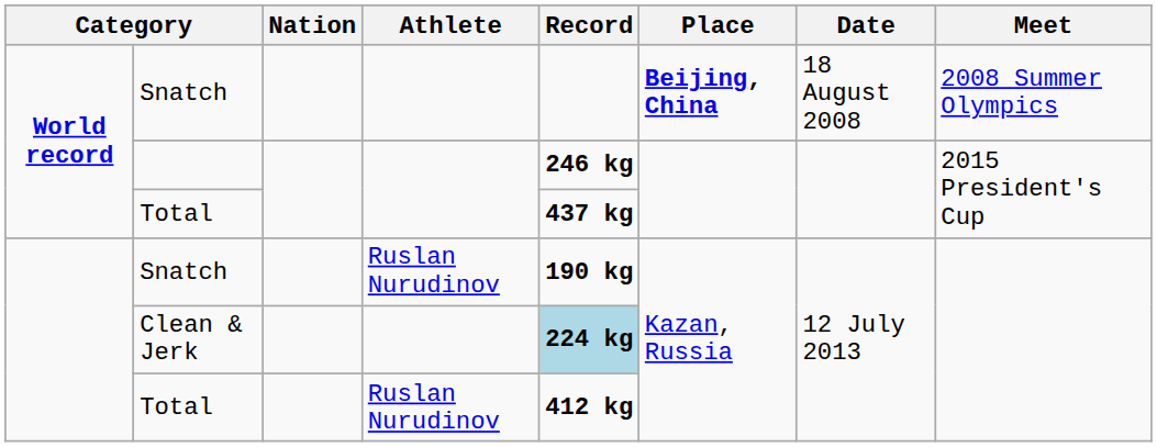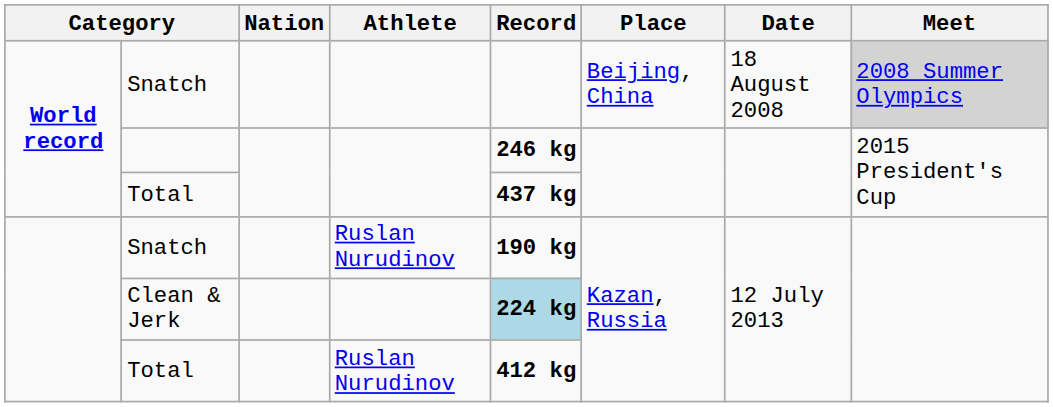 <table class="wikitable" style="text-align:center;">
 <tr>
 <th colspan="2">Category</th>
 <th>Nation</th>
 <th>Athlete</th>
 <th>Record</th>
 <th>Place</th>
 <th>Date</th>
 <th>Meet</th>
 </tr>
 <tr>
 <td rowspan="3"><strong><a href='#'>World record</a></strong></td>
 <td align="left">Snatch</td>
 <td align="left"></td>
 <td align="left"></td>
 <td><strong></strong></td>
-<td align="left"><strong><a href='#'>Beijing</a>, <a href='#'>China</a></strong></td>
+<td align="left"><a href='#'>Beijing</a>, <a href='#'>China</a></td>
 <td align="left">18 August 2008</td>
-<td align="left"><a href='#'>2008 Summer Olympics</a></td>
+<td align="left" style="background: lightgrey;"><a href='#'>2008 Summer Olympics</a></td>
 </tr>
 <tr>
 <td align="left"></td>
 <td align="left" rowspan="2"></td>
 <td align="left" rowspan="2"></td>
 <td><strong>246 kg</strong></td>
 <td align="left" rowspan="2"></td>
 <td align="left" rowspan="2"></td>
 <td align="left" rowspan="2">2015 President's Cup</td>
 </tr>
 <tr>
 <td align="left">Total</td>
 <td><strong>437 kg</strong></td>
 </tr>
 <tr>
 <td rowspan="3"><strong></strong></td>
 <td align="left">Snatch</td>
 <td align="left"></td>
 <td align="left"><a href='#'>Ruslan Nurudinov</a></td>
 <td><strong>190 kg</strong></td>
 <td align="left" rowspan="3"><a href='#'>Kazan</a>, <a href='#'>Russia</a></td>
 <td align="left" rowspan="3">12 July 2013</td>
 <td align="left" rowspan="3"></td>
 </tr>
 <tr>
 <td align="left">Clean & Jerk</td>
 <td align="left"></td>
 <td align="left"></td>
 <td style="background: lightblue;"><strong>224 kg</strong></td>
 </tr>
 <tr>
 <td align="left">Total</td>
 <td align="left"></td>
 <td align="left"><a href='#'>Ruslan Nurudinov</a></td>
 <td><strong>412 kg</strong></td>
 </tr>
 </table>
